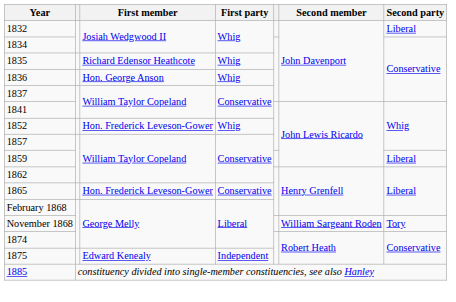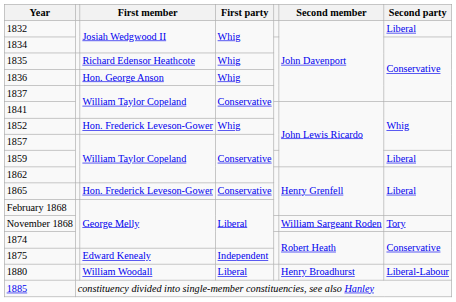 <table class="wikitable">
 <tr>
 <th>Year</th>
 <th></th>
 <th>First member</th>
 <th>First party</th>
 <th></th>
 <th>Second member</th>
 <th>Second party</th>
 </tr>
 <tr>
 <td>1832</td>
 <td rowspan="2" style="color:inherit;background-color: "></td>
 <td rowspan="2"><a href='#'>Josiah Wedgwood II</a></td>
 <td rowspan="2"><a href='#'>Whig</a></td>
 <td style="color:inherit;background-color: "></td>
 <td rowspan="5"><a href='#'>John Davenport</a></td>
 <td><a href='#'>Liberal</a></td>
 </tr>
 <tr>
 <td>1834</td>
 <td rowspan="4" style="color:inherit;background-color: "></td>
 <td rowspan="4"><a href='#'>Conservative</a></td>
 </tr>
 <tr>
 <td>1835</td>
 <td style="color:inherit;background-color: "></td>
 <td><a href='#'>Richard Edensor Heathcote</a></td>
 <td><a href='#'>Whig</a></td>
 </tr>
 <tr>
 <td>1836</td>
 <td style="color:inherit;background-color: "></td>
 <td><a href='#'>Hon. George Anson</a></td>
 <td><a href='#'>Whig</a></td>
 </tr>
 <tr>
 <td>1837</td>
 <td rowspan="2" style="color:inherit;background-color: "></td>
 <td rowspan="2"><a href='#'>William Taylor Copeland</a></td>
 <td rowspan="2"><a href='#'>Conservative</a></td>
 </tr>
 <tr>
 <td>1841</td>
 <td rowspan="3" style="color:inherit;background-color: "></td>
 <td rowspan="4"><a href='#'>John Lewis Ricardo</a></td>
 <td rowspan="3"><a href='#'>Whig</a></td>
 </tr>
 <tr>
 <td>1852</td>
 <td style="color:inherit;background-color: "></td>
 <td><a href='#'>Hon. Frederick Leveson-Gower</a></td>
 <td><a href='#'>Whig</a></td>
 </tr>
 <tr>
 <td>1857</td>
 <td rowspan="3" style="color:inherit;background-color: "></td>
 <td rowspan="3"><a href='#'>William Taylor Copeland</a></td>
 <td rowspan="3"><a href='#'>Conservative</a></td>
 </tr>
 <tr>
 <td>1859</td>
 <td style="color:inherit;background-color: "></td>
 <td><a href='#'>Liberal</a></td>
 </tr>
 <tr>
 <td>1862</td>
 <td rowspan="3" style="color:inherit;background-color: "></td>
 <td rowspan="3"><a href='#'>Henry Grenfell</a></td>
 <td rowspan="3"><a href='#'>Liberal</a></td>
 </tr>
 <tr>
 <td>1865</td>
 <td style="color:inherit;background-color: "></td>
 <td><a href='#'>Hon. Frederick Leveson-Gower</a></td>
 <td><a href='#'>Conservative</a></td>
 </tr>
 <tr>
 <td>February 1868</td>
 <td rowspan="3" style="color:inherit;background-color: "></td>
 <td rowspan="3"><a href='#'>George Melly</a></td>
 <td rowspan="3"><a href='#'>Liberal</a></td>
 </tr>
 <tr>
 <td>November 1868</td>
 <td style="color:inherit;background-color: "></td>
 <td><a href='#'>William Sargeant Roden</a></td>
 <td><a href='#'>Tory</a></td>
 </tr>
 <tr>
 <td>1874</td>
 <td rowspan="2" style="color:inherit;background-color: "></td>
 <td rowspan="2"><a href='#'>Robert Heath</a></td>
 <td rowspan="2"><a href='#'>Conservative</a></td>
 </tr>
 <tr>
 <td>1875</td>
 <td style="color:inherit;background-color: "></td>
 <td><a href='#'>Edward Kenealy</a></td>
 <td><a href='#'>Independent</a></td>
 </tr>
 <tr>
+<td>1880</td>
+<td style="color:inherit;background-color: "></td>
+<td><a href='#'>William Woodall</a></td>
+<td><a href='#'>Liberal</a></td>
+<td style="color:inherit;background-color: "></td>
+<td><a href='#'>Henry Broadhurst</a></td>
+<td><a href='#'>Liberal-Labour</a></td>
+</tr>
+<tr>
 <td><a href='#'>1885</a></td>
 <td colspan="6"><em>constituency divided into single-member constituencies, see also <a href='#'>Hanley</a></em></td>
 </tr>
 </table>
